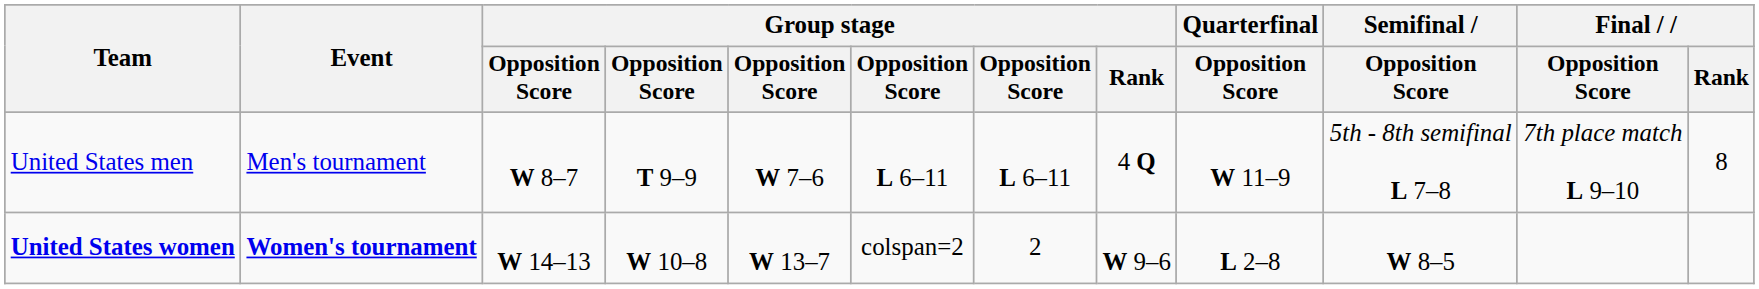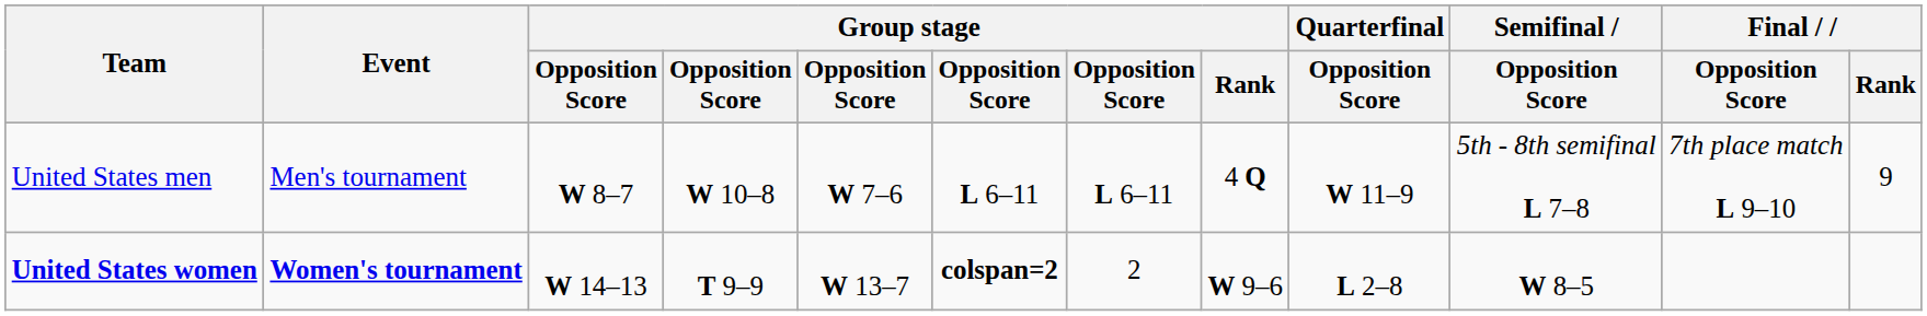 <table class=wikitable style=font-size:90%;text-align:center>
 <tr>
 <th rowspan=2>Team</th>
 <th rowspan=2>Event</th>
 <th colspan=6>Group stage</th>
 <th>Quarterfinal</th>
 <th>Semifinal / </th>
 <th colspan=2>Final /  / </th>
 </tr>
 <tr style=font-size:95%>
 <th>Opposition<br>Score</th>
 <th>Opposition<br>Score</th>
 <th>Opposition<br>Score</th>
 <th>Opposition<br>Score</th>
 <th>Opposition<br>Score</th>
 <th>Rank</th>
 <th>Opposition<br>Score</th>
 <th>Opposition<br>Score</th>
 <th>Opposition<br>Score</th>
 <th>Rank</th>
 </tr>
 <tr>
 <td align=left><a href='#'>United States men</a></td>
 <td align=left><a href='#'>Men's tournament</a></td>
 <td><br><strong>W</strong> 8–7</td>
-<td><br><strong>T</strong> 9–9</td>
+<td><br><strong>W</strong> 10–8</td>
 <td><br><strong>W</strong> 7–6</td>
 <td><br><strong>L</strong> 6–11</td>
 <td><br><strong>L</strong> 6–11</td>
 <td>4 <strong>Q</strong></td>
 <td><br><strong>W</strong> 11–9 <strong></strong></td>
 <td><em>5th - 8th semifinal</em><br><br><strong>L</strong> 7–8</td>
 <td><em>7th place match</em><br><br><strong>L</strong> 9–10</td>
-<td>8</td>
+<td>9</td>
 </tr>
 <tr>
 <td align=left><strong><a href='#'>United States women</a></strong></td>
 <td align=left><strong><a href='#'>Women's tournament</a></strong></td>
 <td><br><strong>W</strong> 14–13</td>
-<td><br><strong>W</strong> 10–8</td>
+<td><br><strong>T</strong> 9–9</td>
 <td><br><strong>W</strong> 13–7</td>
-<td>colspan=2 </td>
+<td><strong>colspan=2 </strong></td>
 <td>2</td>
 <td><br><strong>W</strong> 9–6</td>
 <td><br><strong>L</strong> 2–8</td>
 <td><br><strong>W</strong> 8–5</td>
 <td></td>
 </tr>
 </table>
